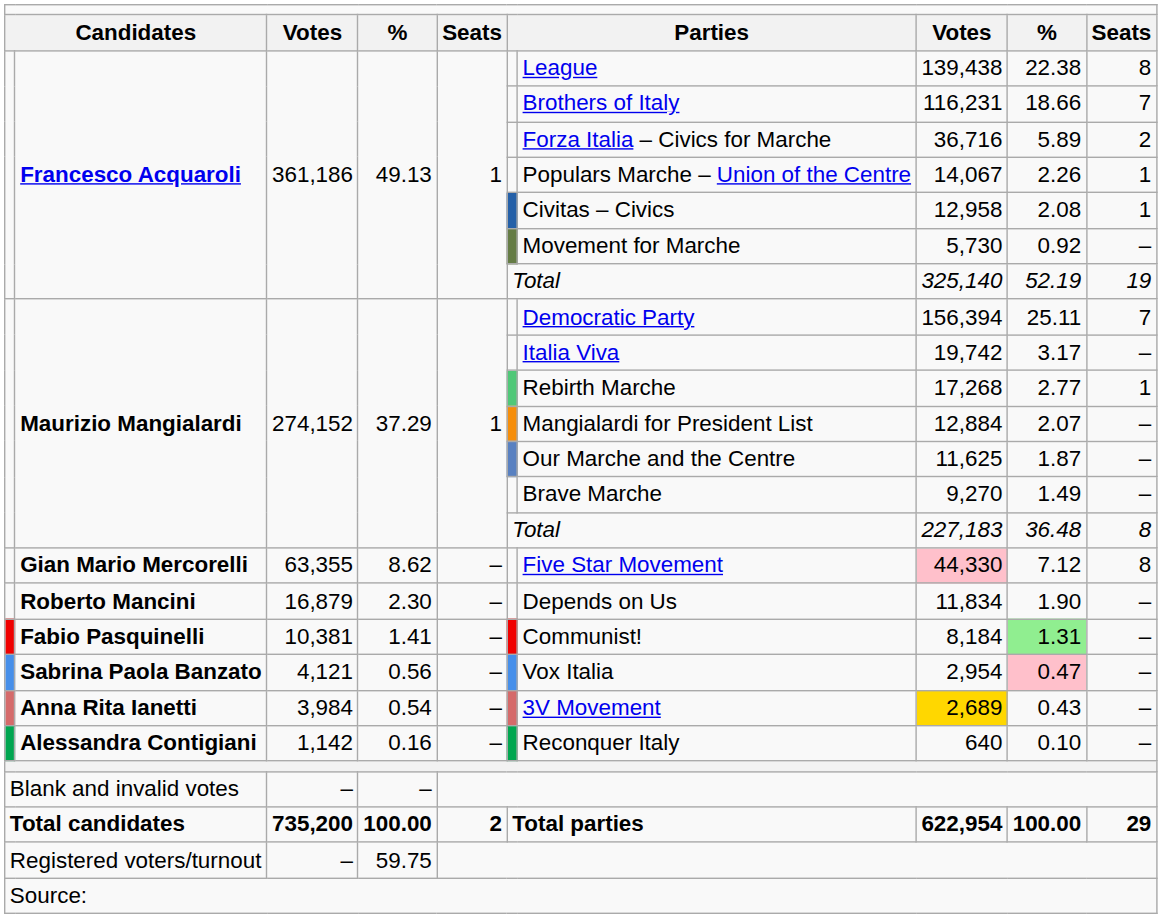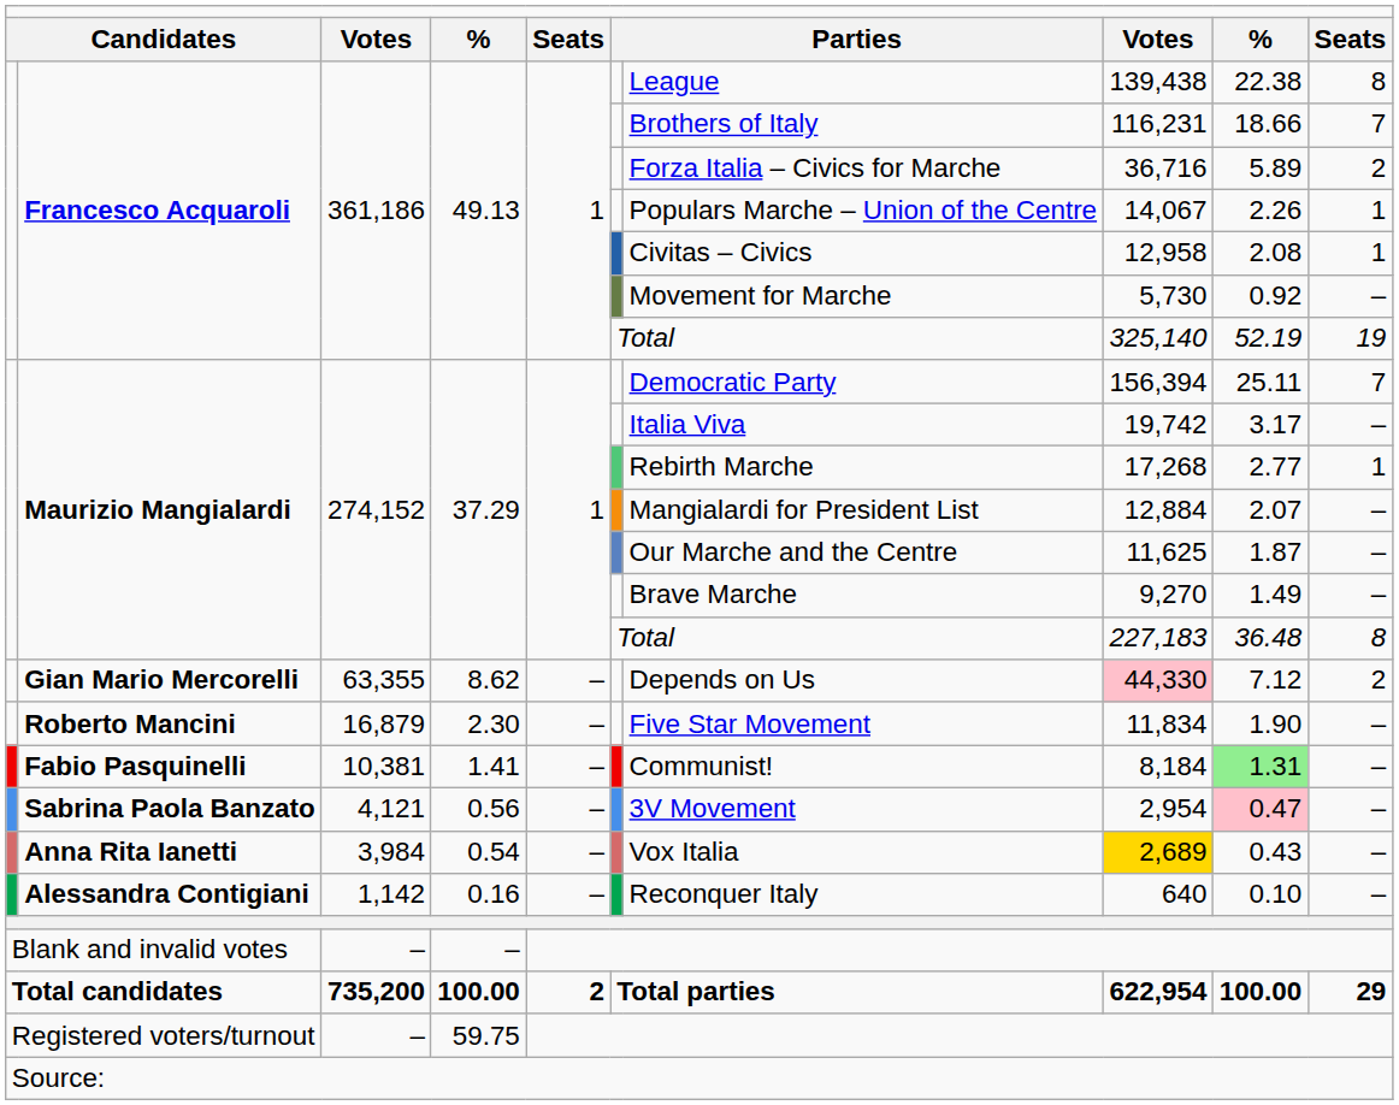 <table class="wikitable">
 <tr>
 <td colspan="10"></td>
 </tr>
 <tr>
 <th colspan="2">Candidates</th>
 <th>Votes</th>
 <th>%</th>
 <th>Seats</th>
 <th colspan="2">Parties</th>
 <th>Votes</th>
 <th>%</th>
 <th>Seats</th>
 </tr>
 <tr>
 <td rowspan="7"></td>
 <td rowspan="7"><strong><a href='#'>Francesco Acquaroli</a></strong></td>
 <td rowspan="7" align="right">361,186</td>
 <td rowspan="7" align="right">49.13</td>
 <td rowspan="7" align="right">1</td>
 <td></td>
 <td><a href='#'>League</a></td>
 <td align="right">139,438</td>
 <td align="right">22.38</td>
 <td align="right">8</td>
 </tr>
 <tr>
 <td></td>
 <td><a href='#'>Brothers of Italy</a></td>
 <td align="right">116,231</td>
 <td align="right">18.66</td>
 <td align="right">7</td>
 </tr>
 <tr>
 <td></td>
 <td><a href='#'>Forza Italia</a> – Civics for Marche</td>
 <td align="right">36,716</td>
 <td align="right">5.89</td>
 <td align="right">2</td>
 </tr>
 <tr>
 <td></td>
 <td>Populars Marche – <a href='#'>Union of the Centre</a></td>
 <td align="right">14,067</td>
 <td align="right">2.26</td>
 <td align="right">1</td>
 </tr>
 <tr>
 <td bgcolor="#2460a8"></td>
 <td>Civitas – Civics</td>
 <td align="right">12,958</td>
 <td align="right">2.08</td>
 <td align="right">1</td>
 </tr>
 <tr>
 <td bgcolor="#657c45"></td>
 <td>Movement for Marche</td>
 <td align="right">5,730</td>
 <td align="right">0.92</td>
 <td align="right">–</td>
 </tr>
 <tr>
 <td colspan="2"><em>Total</em></td>
 <td align="right"><em>325,140</em></td>
 <td align="right"><em>52.19</em></td>
 <td align="right"><em>19</em></td>
 </tr>
 <tr>
 <td rowspan="7"></td>
 <td rowspan="7"><strong>Maurizio Mangialardi</strong></td>
 <td rowspan="7" align=right>274,152</td>
 <td rowspan="7" align=right>37.29</td>
 <td rowspan="7" align=right>1</td>
 <td></td>
 <td><a href='#'>Democratic Party</a></td>
 <td align=right>156,394</td>
 <td align=right>25.11</td>
 <td align=right>7</td>
 </tr>
 <tr>
 <td></td>
 <td><a href='#'>Italia Viva</a></td>
 <td align="right">19,742</td>
 <td align="right">3.17</td>
 <td align="right">–</td>
 </tr>
 <tr>
 <td bgcolor="#50C878"></td>
 <td>Rebirth Marche</td>
 <td align=right>17,268</td>
 <td align=right>2.77</td>
 <td align=right>1</td>
 </tr>
 <tr>
 <td bgcolor="#f68e0a"></td>
 <td>Mangialardi for President List</td>
 <td align=right>12,884</td>
 <td align=right>2.07</td>
 <td align=right>–</td>
 </tr>
 <tr>
 <td style="background:#5981C1;"></td>
 <td>Our Marche and the Centre</td>
 <td align=right>11,625</td>
 <td align=right>1.87</td>
 <td align=right>–</td>
 </tr>
 <tr>
 <td></td>
 <td>Brave Marche</td>
 <td align=right>9,270</td>
 <td align=right>1.49</td>
 <td align=right>–</td>
 </tr>
 <tr>
 <td colspan=2><em>Total</em></td>
 <td align=right><em>227,183</em></td>
 <td align=right><em>36.48</em></td>
 <td align=right><em>8</em></td>
 </tr>
 <tr>
 <td rowspan="1"></td>
 <td rowspan="1"><strong>Gian Mario Mercorelli</strong></td>
 <td rowspan="1" align="right">63,355</td>
 <td rowspan="1" align="right">8.62</td>
 <td rowspan="1" align="right">–</td>
 <td></td>
-<td><a href='#'>Five Star Movement</a></td>
+<td>Depends on Us</td>
 <td align="right" style="background: pink;">44,330</td>
 <td align="right">7.12</td>
-<td align="right">8</td>
+<td align="right">2</td>
 </tr>
 <tr>
 <td rowspan="1"></td>
 <td rowspan="1"><strong>Roberto Mancini</strong></td>
 <td rowspan="1" align="right">16,879</td>
 <td rowspan="1" align="right">2.30</td>
 <td rowspan="1" align="right">–</td>
 <td></td>
-<td>Depends on Us</td>
+<td><a href='#'>Five Star Movement</a></td>
 <td align="right">11,834</td>
 <td align="right">1.90</td>
 <td align="right">–</td>
 </tr>
 <tr>
 <td rowspan="1" bgcolor="#F00000"></td>
 <td rowspan="1"><strong>Fabio Pasquinelli</strong></td>
 <td rowspan="1" align="right">10,381</td>
 <td rowspan="1" align="right">1.41</td>
 <td rowspan="1" align="right">–</td>
 <td bgcolor="#F00000"></td>
 <td>Communist!</td>
 <td align="right">8,184</td>
 <td align="right" style="background: lightgreen;">1.31</td>
 <td align="right">–</td>
 </tr>
 <tr>
 <td rowspan="1" bgcolor="#468fea"></td>
 <td rowspan="1"><strong>Sabrina Paola Banzato</strong></td>
 <td rowspan="1" align="right">4,121</td>
 <td rowspan="1" align="right">0.56</td>
 <td rowspan="1" align="right">–</td>
 <td bgcolor="#468fea"></td>
-<td>Vox Italia</td>
+<td><a href='#'>3V Movement</a></td>
 <td align="right">2,954</td>
 <td align="right" style="background: pink;">0.47</td>
 <td align="right">–</td>
 </tr>
 <tr>
 <td rowspan="1" bgcolor="#D56A6A"></td>
 <td rowspan="1"><strong>Anna Rita Ianetti</strong></td>
 <td rowspan="1" align="right">3,984</td>
 <td rowspan="1" align="right">0.54</td>
 <td rowspan="1" align="right">–</td>
 <td bgcolor="#D56A6A"></td>
-<td><a href='#'>3V Movement</a></td>
+<td>Vox Italia</td>
 <td align="right" style="background: gold;">2,689</td>
 <td align="right">0.43</td>
 <td align="right">–</td>
 </tr>
 <tr>
 <td rowspan="1" bgcolor="#00A650"></td>
 <td rowspan="1"><strong>Alessandra Contigiani</strong></td>
 <td rowspan="1" align="right">1,142</td>
 <td rowspan="1" align="right">0.16</td>
 <td rowspan="1" align="right">–</td>
 <td bgcolor="#00A650"></td>
 <td>Reconquer Italy</td>
 <td align="right">640</td>
 <td align="right">0.10</td>
 <td align="right">–</td>
 </tr>
 <tr>
 <th colspan="10"></th>
 </tr>
 <tr>
 <td colspan="2">Blank and invalid votes</td>
 <td align="right">–</td>
 <td align="right">–</td>
 <td colspan="7"></td>
 </tr>
 <tr>
 <td colspan="2"><strong>Total candidates</strong></td>
 <td align="right"><strong>735,200</strong></td>
 <td align="right"><strong>100.00</strong></td>
 <td align="right"><strong>2</strong></td>
 <td colspan="2"><strong>Total parties</strong></td>
 <td align="right"><strong>622,954</strong></td>
 <td align="right"><strong>100.00</strong></td>
 <td align="right"><strong>29</strong></td>
 </tr>
 <tr>
 <td colspan="2">Registered voters/turnout</td>
 <td align="right">–</td>
 <td align="right">59.75</td>
 <td colspan="7"></td>
 </tr>
 <tr>
 <td colspan="10">Source: </td>
 </tr>
 </table>
